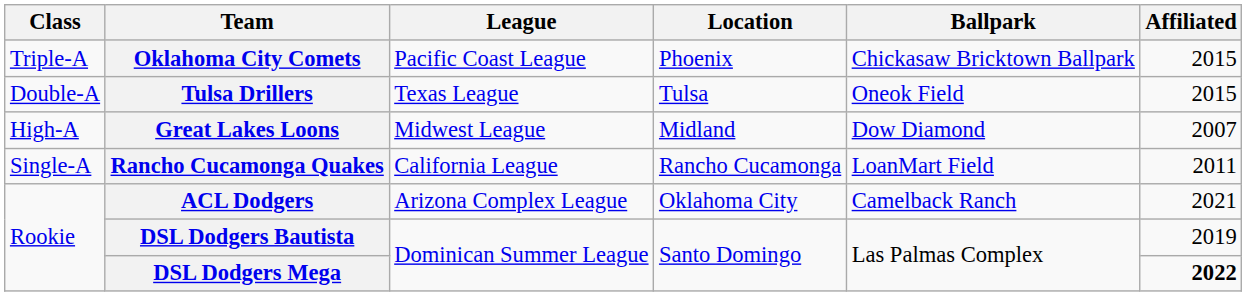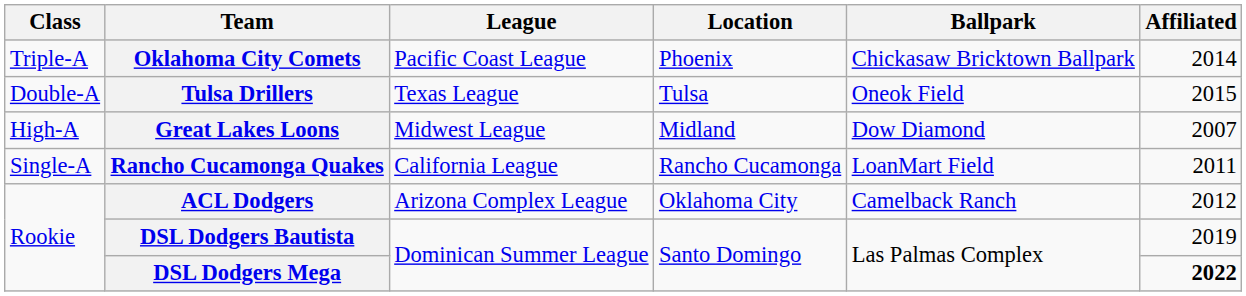 <table class="wikitable plainrowheaders sortable">
 <tr>
 <th scope="col">Class</th>
 <th scope="col">Team</th>
 <th scope="col">League</th>
 <th scope="col">Location</th>
 <th scope="col">Ballpark</th>
 <th scope="col">Affiliated</th>
 </tr>
 <tr>
 <td><a href='#'>Triple-A</a></td>
 <th scope="row"><a href='#'>Oklahoma City Comets</a></th>
 <td><a href='#'>Pacific Coast League</a></td>
 <td><a href='#'>Phoenix</a></td>
 <td><a href='#'>Chickasaw Bricktown Ballpark</a></td>
-<td align="right">2015</td>
+<td align="right">2014</td>
 </tr>
 <tr>
 <td><a href='#'>Double-A</a></td>
 <th scope="row"><a href='#'>Tulsa Drillers</a></th>
 <td><a href='#'>Texas League</a></td>
 <td><a href='#'>Tulsa</a></td>
 <td><a href='#'>Oneok Field</a></td>
 <td align="right">2015</td>
 </tr>
 <tr>
 <td><a href='#'>High-A</a></td>
 <th scope="row"><a href='#'>Great Lakes Loons</a></th>
 <td><a href='#'>Midwest League</a></td>
 <td><a href='#'>Midland</a></td>
 <td><a href='#'>Dow Diamond</a></td>
 <td align="right">2007</td>
 </tr>
 <tr>
 <td><a href='#'>Single-A</a></td>
 <th scope="row"><a href='#'>Rancho Cucamonga Quakes</a></th>
 <td><a href='#'>California League</a></td>
 <td><a href='#'>Rancho Cucamonga</a></td>
 <td><a href='#'>LoanMart Field</a></td>
 <td align="right">2011</td>
 </tr>
 <tr>
 <td rowspan=3><a href='#'>Rookie</a></td>
 <th scope="row"><a href='#'>ACL Dodgers</a></th>
 <td><a href='#'>Arizona Complex League</a></td>
 <td><a href='#'>Oklahoma City</a></td>
 <td><a href='#'>Camelback Ranch</a></td>
-<td align="right">2021</td>
+<td align="right">2012</td>
 </tr>
 <tr>
 <th scope="row"><a href='#'>DSL Dodgers Bautista</a></th>
 <td rowspan=2><a href='#'>Dominican Summer League</a></td>
 <td rowspan=2><a href='#'>Santo Domingo</a></td>
 <td rowspan=2>Las Palmas Complex</td>
 <td align="right">2019</td>
 </tr>
 <tr>
 <th scope="row"><a href='#'>DSL Dodgers Mega</a></th>
 <td align="right"><strong>2022</strong></td>
 </tr>
 </table>
